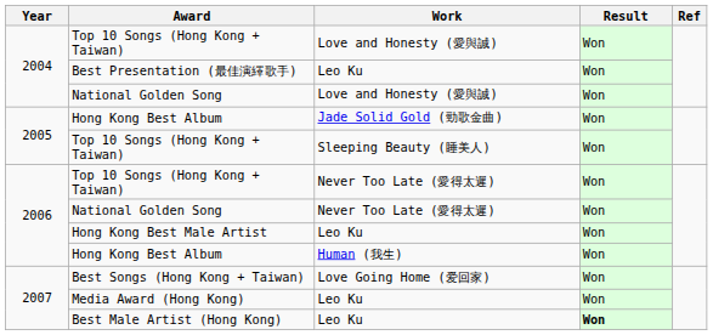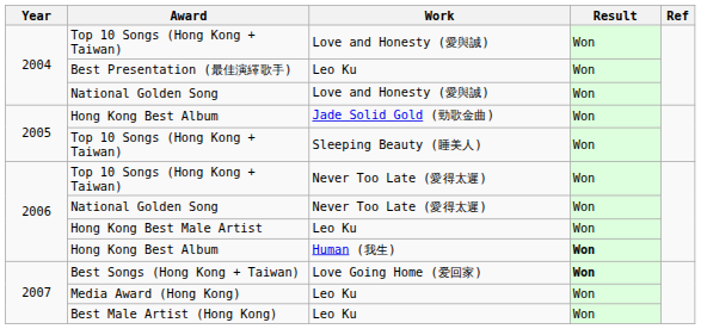 <table class="wikitable">
 <tr>
 <th width=60>Year</th>
 <th width="250">Award</th>
 <th width="270">Work</th>
 <th width="90">Result</th>
 <th width="30">Ref</th>
 </tr>
 <tr>
 <td rowspan = "3" align="center">2004</td>
 <td>Top 10 Songs (Hong Kong + Taiwan)</td>
 <td>Love and Honesty (愛與誠)</td>
 <td style="background: #ddffdd"><div>Won</div></td>
 <td rowspan = "3" align="center"></td>
 </tr>
 <tr>
 <td>Best Presentation (最佳演繹歌手)</td>
 <td>Leo Ku</td>
 <td style="background: #ddffdd"><div>Won</div></td>
 </tr>
 <tr>
 <td>National Golden Song</td>
 <td>Love and Honesty (愛與誠)</td>
 <td style="background: #ddffdd"><div>Won</div></td>
 </tr>
 <tr>
 <td rowspan = "2" align="center">2005</td>
 <td>Hong Kong Best Album</td>
 <td><a href='#'>Jade Solid Gold</a> (勁歌金曲)</td>
 <td style="background: #ddffdd"><div>Won</div></td>
 <td rowspan = "2" align="center"></td>
 </tr>
 <tr>
 <td>Top 10 Songs (Hong Kong + Taiwan)</td>
 <td>Sleeping Beauty (睡美人)</td>
 <td style="background: #ddffdd"><div>Won</div></td>
 </tr>
 <tr>
 <td rowspan = "4" align="center">2006</td>
 <td>Top 10 Songs (Hong Kong + Taiwan)</td>
 <td>Never Too Late (愛得太遲)</td>
 <td style="background: #ddffdd"><div>Won</div></td>
 <td rowspan = "4" align="center"></td>
 </tr>
 <tr>
 <td>National Golden Song</td>
 <td>Never Too Late (愛得太遲)</td>
 <td style="background: #ddffdd"><div>Won</div></td>
 </tr>
 <tr>
 <td>Hong Kong Best Male Artist</td>
 <td>Leo Ku</td>
 <td style="background: #ddffdd"><div>Won</div></td>
 </tr>
 <tr>
 <td>Hong Kong Best Album</td>
 <td><a href='#'>Human</a> (我生)</td>
-<td style="background: #ddffdd"><div>Won</div></td>
+<td style="background: #ddffdd"><strong><div>Won</div></strong></td>
 </tr>
 <tr>
 <td rowspan = "3" align="center">2007</td>
 <td>Best Songs (Hong Kong + Taiwan)</td>
 <td>Love Going Home (爱回家)</td>
-<td style="background: #ddffdd"><div>Won</div></td>
+<td style="background: #ddffdd"><strong><div>Won</div></strong></td>
 <td rowspan = "3" align="center"></td>
 </tr>
 <tr>
 <td>Media Award (Hong Kong)</td>
 <td>Leo Ku</td>
 <td style="background: #ddffdd"><div>Won</div></td>
 </tr>
 <tr>
 <td>Best Male Artist (Hong Kong)</td>
 <td>Leo Ku</td>
-<td style="background: #ddffdd"><strong><div>Won</div></strong></td>
+<td style="background: #ddffdd"><div>Won</div></td>
 </tr>
 </table>
